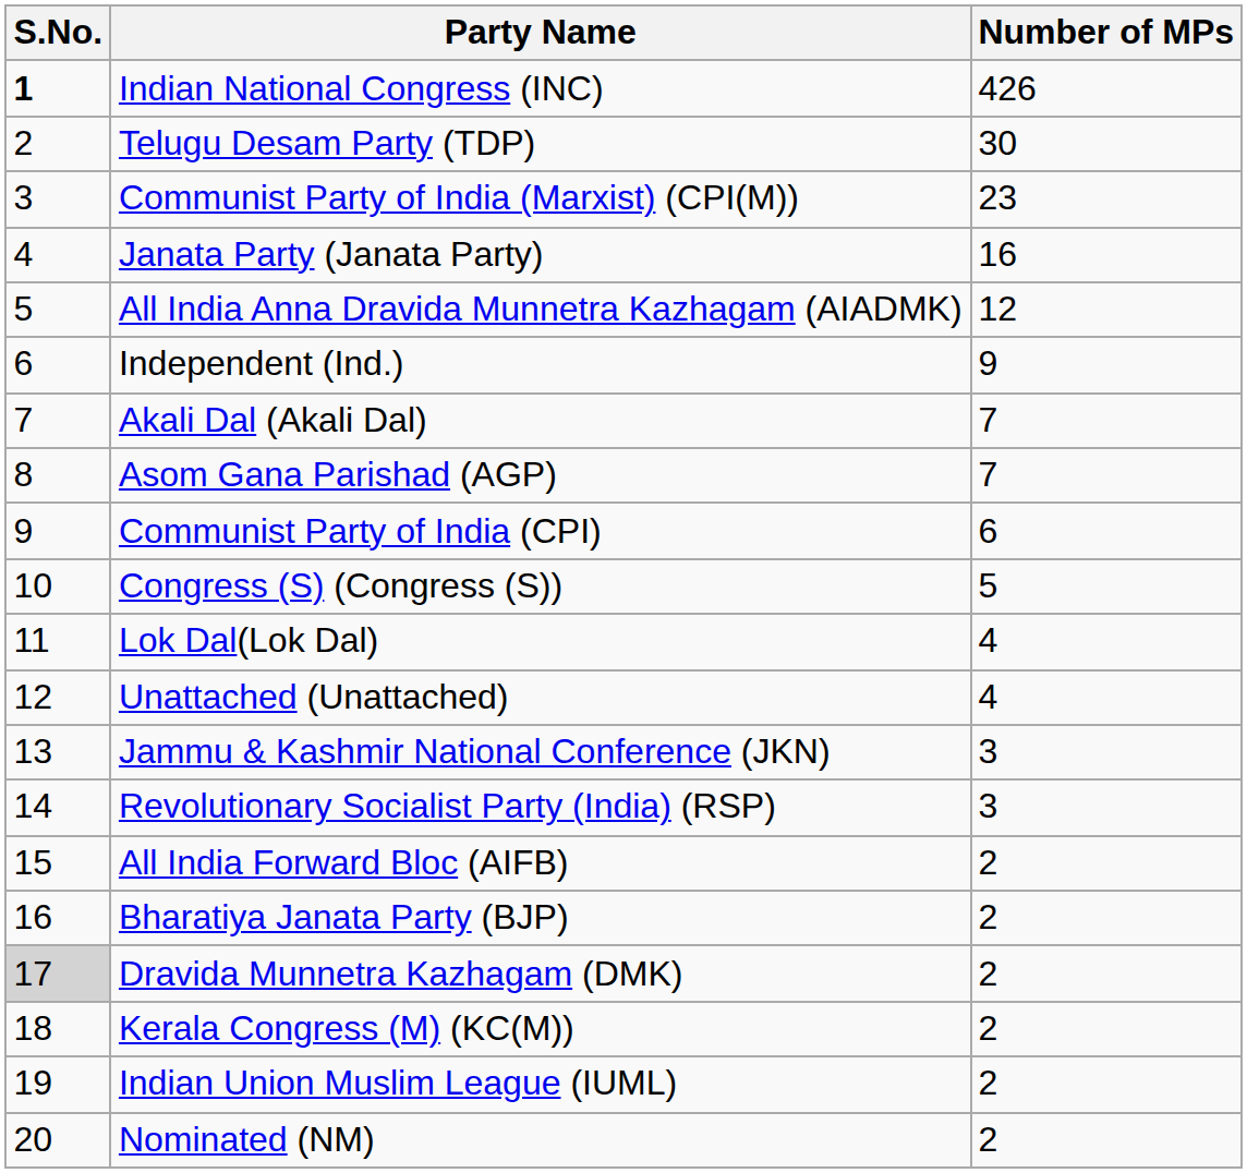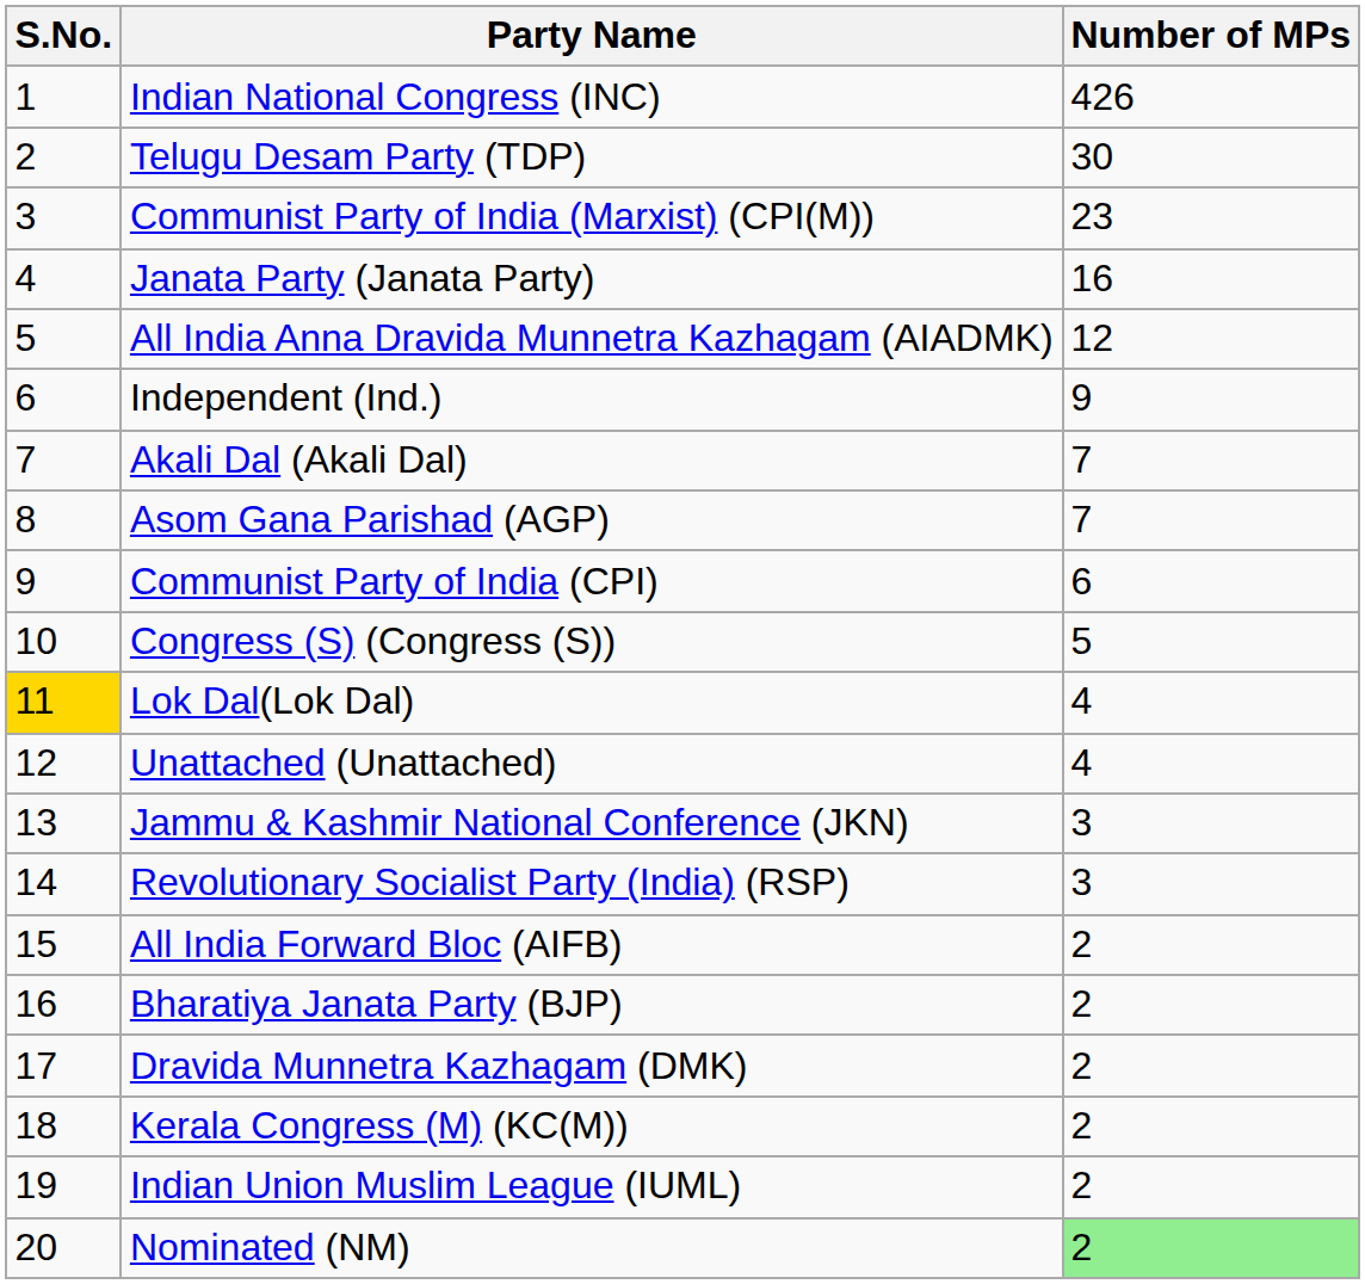 <table class="wikitable">
 <tr>
 <th>S.No.</th>
 <th>Party Name</th>
 <th>Number of MPs</th>
 </tr>
 <tr>
-<td><strong>1</strong></td>
+<td>1</td>
 <td><a href='#'>Indian National Congress</a> (INC)</td>
 <td>426</td>
 </tr>
 <tr>
 <td>2</td>
 <td><a href='#'>Telugu Desam Party</a> (TDP)</td>
 <td>30</td>
 </tr>
 <tr>
 <td>3</td>
 <td><a href='#'>Communist Party of India (Marxist)</a> (CPI(M))</td>
 <td>23</td>
 </tr>
 <tr>
 <td>4</td>
 <td><a href='#'>Janata Party</a> (Janata Party)</td>
 <td>16</td>
 </tr>
 <tr>
 <td>5</td>
 <td><a href='#'>All India Anna Dravida Munnetra Kazhagam</a> (AIADMK)</td>
 <td>12</td>
 </tr>
 <tr>
 <td>6</td>
 <td>Independent (Ind.)</td>
 <td>9</td>
 </tr>
 <tr>
 <td>7</td>
 <td><a href='#'>Akali Dal</a> (Akali Dal)</td>
 <td>7</td>
 </tr>
 <tr>
 <td>8</td>
 <td><a href='#'>Asom Gana Parishad</a> (AGP)</td>
 <td>7</td>
 </tr>
 <tr>
 <td>9</td>
 <td><a href='#'>Communist Party of India</a> (CPI)</td>
 <td>6</td>
 </tr>
 <tr>
 <td>10</td>
 <td><a href='#'>Congress (S)</a> (Congress (S))</td>
 <td>5</td>
 </tr>
 <tr>
-<td>11</td>
+<td style="background: gold;">11</td>
 <td><a href='#'>Lok Dal</a>(Lok Dal)</td>
 <td>4</td>
 </tr>
 <tr>
 <td>12</td>
 <td><a href='#'>Unattached</a> (Unattached)</td>
 <td>4</td>
 </tr>
 <tr>
 <td>13</td>
 <td><a href='#'>Jammu & Kashmir National Conference</a> (JKN)</td>
 <td>3</td>
 </tr>
 <tr>
 <td>14</td>
 <td><a href='#'>Revolutionary Socialist Party (India)</a> (RSP)</td>
 <td>3</td>
 </tr>
 <tr>
 <td>15</td>
 <td><a href='#'>All India Forward Bloc</a> (AIFB)</td>
 <td>2</td>
 </tr>
 <tr>
 <td>16</td>
 <td><a href='#'>Bharatiya Janata Party</a> (BJP)</td>
 <td>2</td>
 </tr>
 <tr>
-<td style="background: lightgrey;">17</td>
+<td>17</td>
 <td><a href='#'>Dravida Munnetra Kazhagam</a> (DMK)</td>
 <td>2</td>
 </tr>
 <tr>
 <td>18</td>
 <td><a href='#'>Kerala Congress (M)</a> (KC(M))</td>
 <td>2</td>
 </tr>
 <tr>
 <td>19</td>
 <td><a href='#'>Indian Union Muslim League</a> (IUML)</td>
 <td>2</td>
 </tr>
 <tr>
 <td>20</td>
 <td><a href='#'>Nominated</a> (NM)</td>
-<td>2</td>
+<td style="background: lightgreen;">2</td>
 </tr>
 <tr>
 </tr>
 </table>
